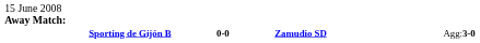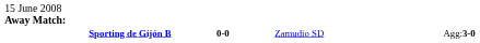 <table width=100% cellspacing=1>
 <tr>
 <th width=20%></th>
 <th width=12%></th>
 <th width=20%></th>
 <th></th>
 </tr>
 <tr>
 <td>15 June 2008<br><strong>Away Match:</strong></td>
 </tr>
 <tr style=font-size:90%>
 <td align=right><strong><a href='#'>Sporting de Gijón B</a></strong></td>
 <td align=center><strong>0-0</strong></td>
-<td><strong><a href='#'>Zamudio SD</a></strong></td>
+<td><a href='#'>Zamudio SD</a></td>
 <td>Agg:<strong>3-0</strong></td>
 </tr>
 </table>
